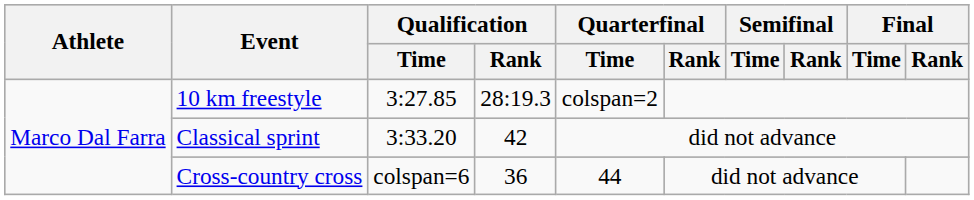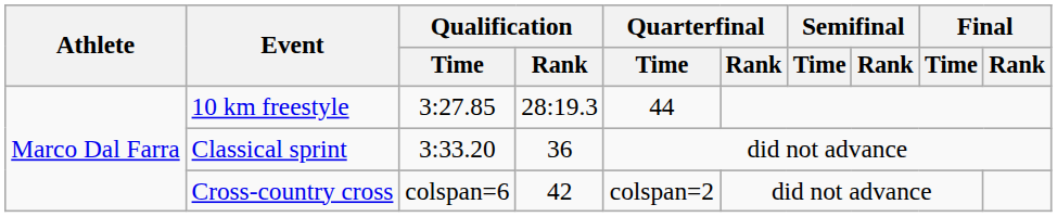 <table class="wikitable" style="font-size:90%">
 <tr>
 <th rowspan="2">Athlete</th>
 <th rowspan="2">Event</th>
 <th colspan="2">Qualification</th>
 <th colspan="2">Quarterfinal</th>
 <th colspan="2">Semifinal</th>
 <th colspan="2">Final</th>
 </tr>
 <tr style="font-size:95%">
 <th>Time</th>
 <th>Rank</th>
 <th>Time</th>
 <th>Rank</th>
 <th>Time</th>
 <th>Rank</th>
 <th>Time</th>
 <th>Rank</th>
 </tr>
 <tr align=center>
 <td align=left rowspan=3><a href='#'>Marco Dal Farra</a></td>
 <td align=left><a href='#'>10 km freestyle</a></td>
 <td>3:27.85</td>
 <td>28:19.3</td>
-<td>colspan=2 </td>
+<td>44</td>
 </tr>
 <tr align=center>
 <td align=left><a href='#'>Classical sprint</a></td>
 <td>3:33.20</td>
-<td>42</td>
+<td>36</td>
 <td colspan=6>did not advance</td>
 </tr>
 <tr align=center>
 <td align=left><a href='#'>Cross-country cross</a></td>
 <td>colspan=6 </td>
-<td>36</td>
-<td>44</td>
+<td>42</td>
+<td>colspan=2 </td>
 <td colspan=4>did not advance</td>
 </tr>
 </table>
